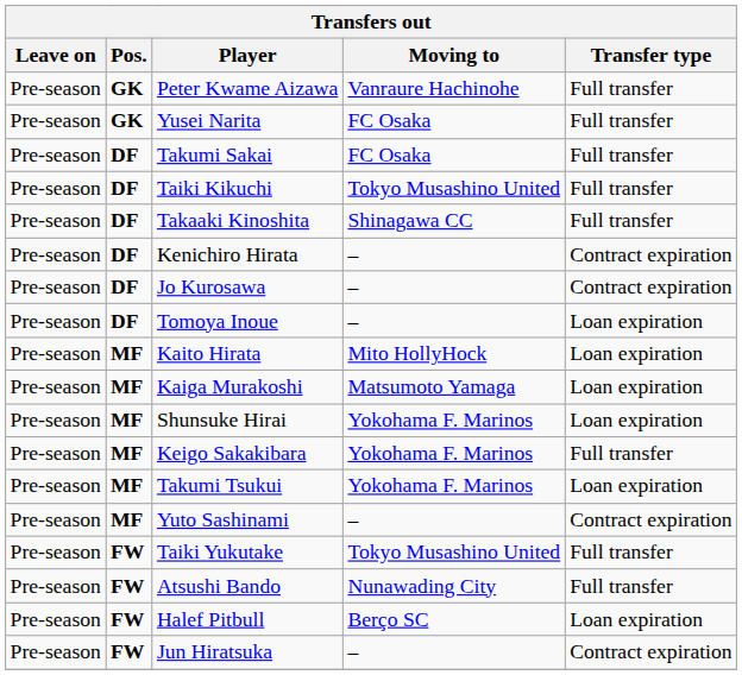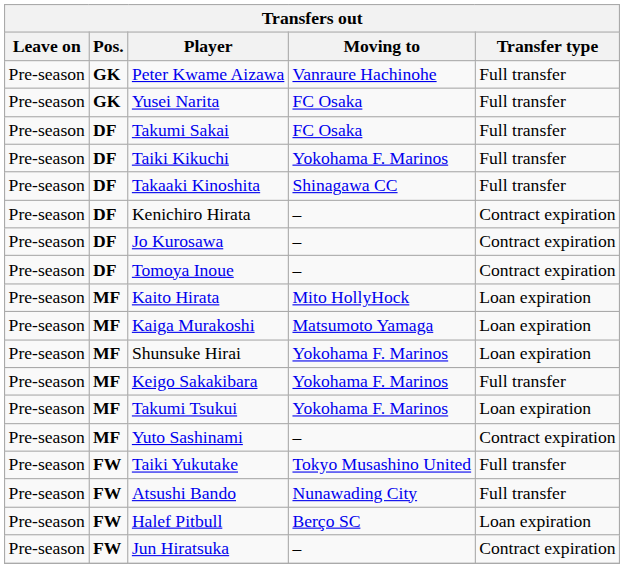 <table class="wikitable sortable" style=“text-align:left;>
 <tr>
 <th colspan="5">Transfers out</th>
 </tr>
 <tr>
 <th>Leave on</th>
 <th>Pos.</th>
 <th>Player</th>
 <th>Moving to</th>
 <th>Transfer type</th>
 </tr>
 <tr>
 <td>Pre-season</td>
 <td><strong>GK</strong></td>
 <td> <a href='#'>Peter Kwame Aizawa</a></td>
 <td> <a href='#'>Vanraure Hachinohe</a></td>
 <td>Full transfer</td>
 </tr>
 <tr>
 <td>Pre-season</td>
 <td><strong>GK</strong></td>
 <td> <a href='#'>Yusei Narita</a></td>
 <td> <a href='#'>FC Osaka</a></td>
 <td>Full transfer</td>
 </tr>
 <tr>
 <td>Pre-season</td>
 <td><strong>DF</strong></td>
 <td> <a href='#'>Takumi Sakai</a></td>
 <td> <a href='#'>FC Osaka</a></td>
 <td>Full transfer</td>
 </tr>
 <tr>
 <td>Pre-season</td>
 <td><strong>DF</strong></td>
 <td> <a href='#'>Taiki Kikuchi</a></td>
-<td> <a href='#'>Tokyo Musashino United</a></td>
+<td> <a href='#'>Yokohama F. Marinos</a></td>
 <td>Full transfer</td>
 </tr>
 <tr>
 <td>Pre-season</td>
 <td><strong>DF</strong></td>
 <td> <a href='#'>Takaaki Kinoshita</a></td>
 <td> <a href='#'>Shinagawa CC</a></td>
 <td>Full transfer</td>
 </tr>
 <tr>
 <td>Pre-season</td>
 <td><strong>DF</strong></td>
 <td> Kenichiro Hirata</td>
 <td>–</td>
 <td>Contract expiration</td>
 </tr>
 <tr>
 <td>Pre-season</td>
 <td><strong>DF</strong></td>
 <td> <a href='#'>Jo Kurosawa</a></td>
 <td>–</td>
 <td>Contract expiration</td>
 </tr>
 <tr>
 <td>Pre-season</td>
 <td><strong>DF</strong></td>
 <td> <a href='#'>Tomoya Inoue</a></td>
 <td>–</td>
-<td>Loan expiration</td>
+<td>Contract expiration</td>
 </tr>
 <tr>
 <td>Pre-season</td>
 <td><strong>MF</strong></td>
 <td> <a href='#'>Kaito Hirata</a></td>
 <td> <a href='#'>Mito HollyHock</a></td>
 <td>Loan expiration</td>
 </tr>
 <tr>
 <td>Pre-season</td>
 <td><strong>MF</strong></td>
 <td> <a href='#'>Kaiga Murakoshi</a></td>
 <td> <a href='#'>Matsumoto Yamaga</a></td>
 <td>Loan expiration</td>
 </tr>
 <tr>
 <td>Pre-season</td>
 <td><strong>MF</strong></td>
 <td> Shunsuke Hirai</td>
 <td> <a href='#'>Yokohama F. Marinos</a></td>
 <td>Loan expiration</td>
 </tr>
 <tr>
 <td>Pre-season</td>
 <td><strong>MF</strong></td>
 <td> <a href='#'>Keigo Sakakibara</a></td>
 <td> <a href='#'>Yokohama F. Marinos</a></td>
 <td>Full transfer</td>
 </tr>
 <tr>
 <td>Pre-season</td>
 <td><strong>MF</strong></td>
 <td> <a href='#'>Takumi Tsukui</a></td>
 <td> <a href='#'>Yokohama F. Marinos</a></td>
 <td>Loan expiration</td>
 </tr>
 <tr>
 <td>Pre-season</td>
 <td><strong>MF</strong></td>
 <td> <a href='#'>Yuto Sashinami</a></td>
 <td>–</td>
 <td>Contract expiration</td>
 </tr>
 <tr>
 <td>Pre-season</td>
 <td><strong>FW</strong></td>
 <td> <a href='#'>Taiki Yukutake</a></td>
 <td> <a href='#'>Tokyo Musashino United</a></td>
 <td>Full transfer</td>
 </tr>
 <tr>
 <td>Pre-season</td>
 <td><strong>FW</strong></td>
 <td> <a href='#'>Atsushi Bando</a></td>
 <td> <a href='#'>Nunawading City</a></td>
 <td>Full transfer</td>
 </tr>
 <tr>
 <td>Pre-season</td>
 <td><strong>FW</strong></td>
 <td> <a href='#'>Halef Pitbull</a></td>
 <td> <a href='#'>Berço SC</a></td>
 <td>Loan expiration</td>
 </tr>
 <tr>
 <td>Pre-season</td>
 <td><strong>FW</strong></td>
 <td> <a href='#'>Jun Hiratsuka</a></td>
 <td>–</td>
 <td>Contract expiration</td>
 </tr>
 <tr>
 </tr>
 </table>
